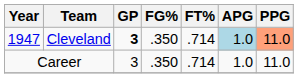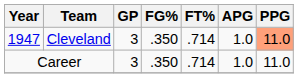 <table class="wikitable sortable" style="font-size:95%; text-align:right;">
 <tr>
 <th>Year</th>
 <th>Team</th>
 <th>GP</th>
 <th>FG%</th>
 <th>FT%</th>
 <th>APG</th>
 <th>PPG</th>
 </tr>
 <tr>
 <td style="text-align:left;"><a href='#'>1947</a></td>
 <td style="text-align:left;"><a href='#'>Cleveland</a></td>
-<td><strong>3</strong></td>
+<td>3</td>
 <td>.350</td>
 <td>.714</td>
-<td style="background: lightblue;">1.0</td>
+<td>1.0</td>
 <td style="background: lightsalmon;">11.0</td>
 </tr>
 <tr>
 <td style="text-align:center;" colspan="2">Career</td>
 <td>3</td>
 <td>.350</td>
 <td>.714</td>
 <td>1.0</td>
 <td>11.0</td>
 </tr>
 <tr>
 </tr>
 </table>
